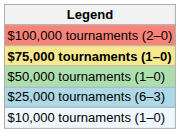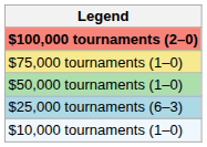 <table class="wikitable" style="font-size:85%;">
 <tr>
 <th>Legend</th>
 </tr>
 <tr style="background:#f88379;">
-<td>$100,000 tournaments (2–0)</td>
+<td><strong>$100,000 tournaments (2–0)</strong></td>
 </tr>
 <tr style="background:#f7e98e;">
-<td><strong>$75,000 tournaments (1–0)</strong></td>
+<td>$75,000 tournaments (1–0)</td>
 </tr>
 <tr style="background:#addfad;">
 <td>$50,000 tournaments (1–0)</td>
 </tr>
 <tr style="background:lightblue;">
 <td>$25,000 tournaments (6–3)</td>
 </tr>
 <tr style="background:#f0f8ff;">
 <td>$10,000 tournaments (1–0)</td>
 </tr>
 </table>
